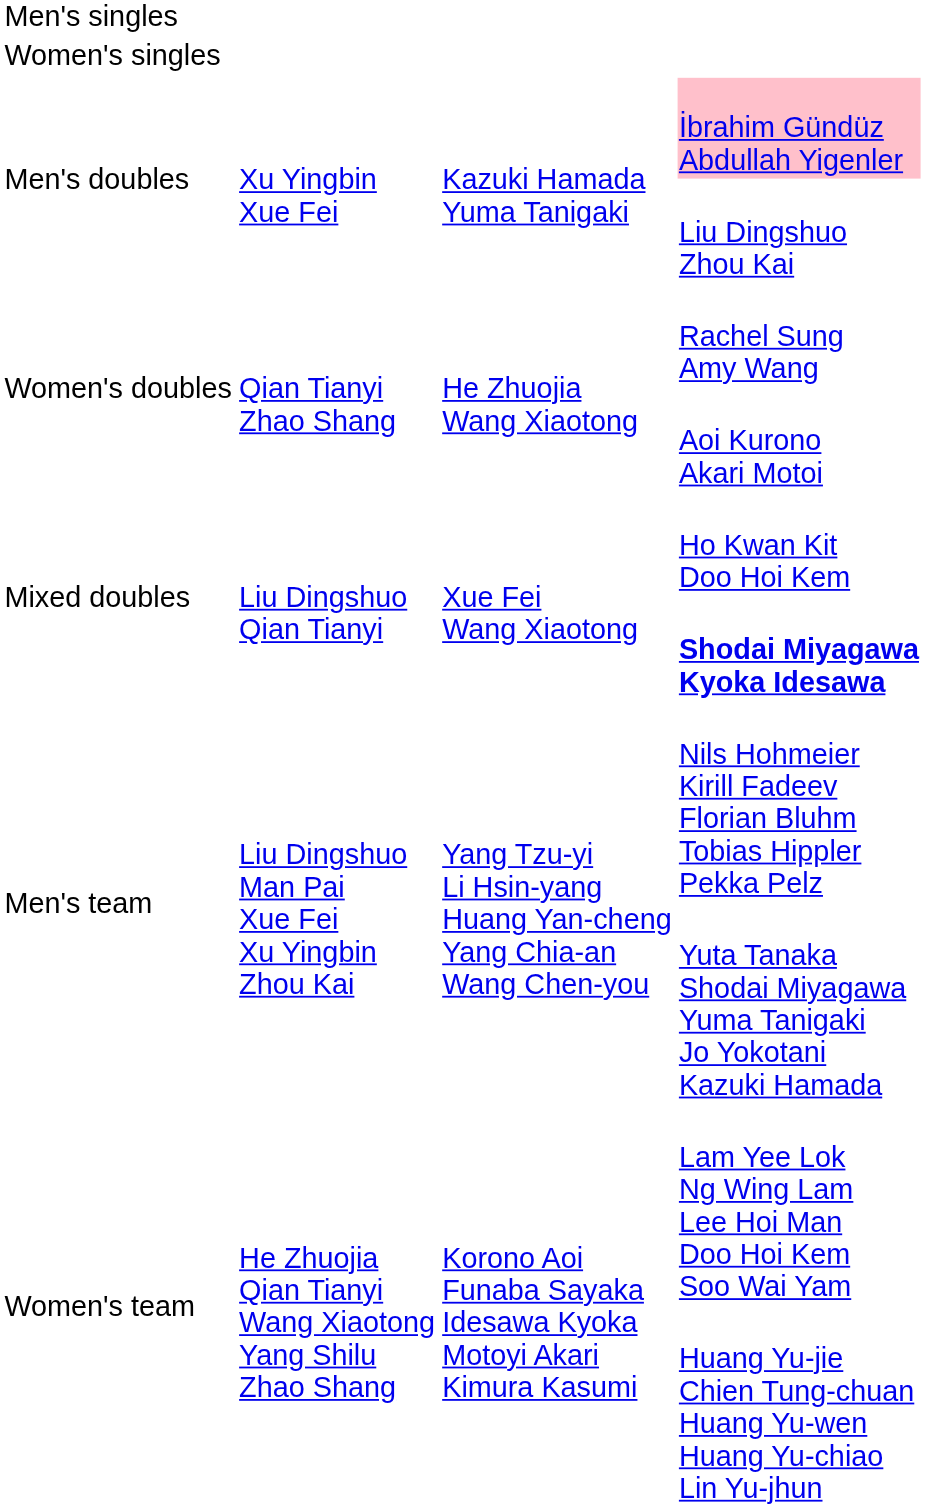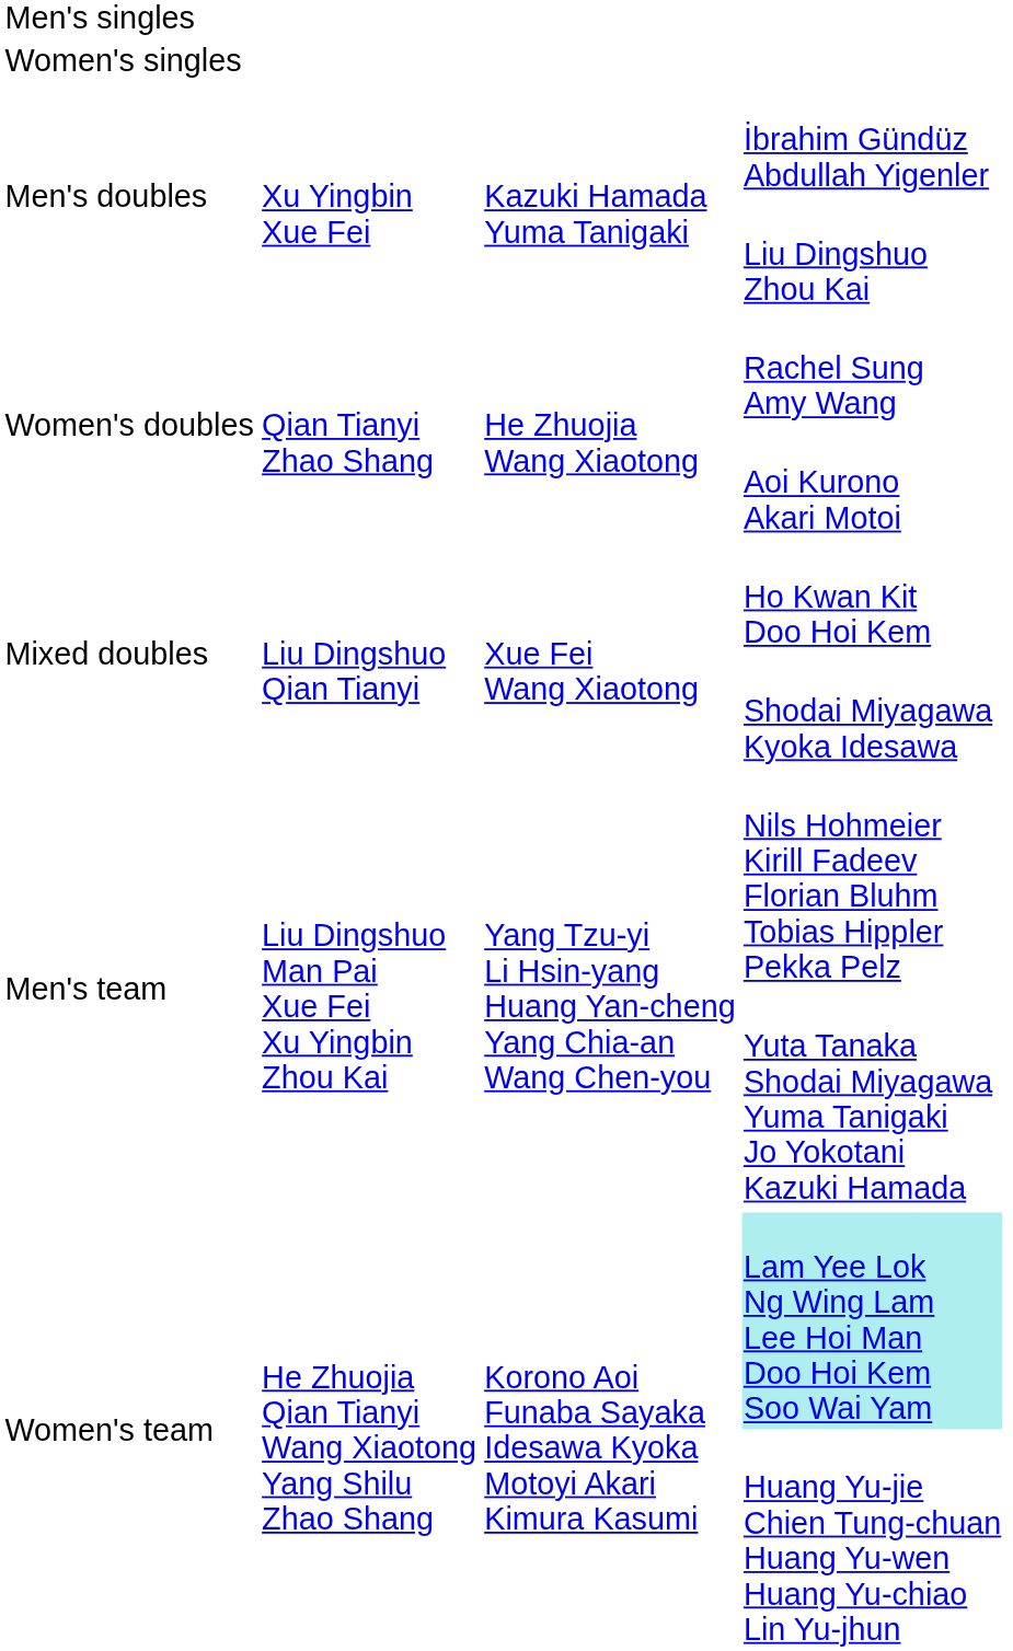 <table>
 <tr>
 <td rowspan=2>Men's singles<br></td>
 <td rowspan=2></td>
 <td rowspan=2></td>
 <td></td>
 </tr>
 <tr>
 <td></td>
 </tr>
 <tr>
 <td rowspan=2>Women's singles<br></td>
 <td rowspan=2></td>
 <td rowspan=2></td>
 <td></td>
 </tr>
 <tr>
 <td></td>
 </tr>
 <tr>
 <td rowspan=2>Men's doubles<br></td>
 <td rowspan=2><br><a href='#'>Xu Yingbin</a><br><a href='#'>Xue Fei</a></td>
 <td rowspan=2><br><a href='#'>Kazuki Hamada</a><br><a href='#'>Yuma Tanigaki</a></td>
-<td style="background: pink;"><br><a href='#'>İbrahim Gündüz</a><br><a href='#'>Abdullah Yigenler</a></td>
+<td><br><a href='#'>İbrahim Gündüz</a><br><a href='#'>Abdullah Yigenler</a></td>
 </tr>
 <tr>
 <td><br><a href='#'>Liu Dingshuo</a><br><a href='#'>Zhou Kai</a></td>
 </tr>
 <tr>
 <td rowspan=2>Women's doubles<br></td>
 <td rowspan=2><br><a href='#'>Qian Tianyi</a><br><a href='#'>Zhao Shang</a></td>
 <td rowspan=2><br><a href='#'>He Zhuojia</a><br><a href='#'>Wang Xiaotong</a></td>
 <td><br><a href='#'>Rachel Sung</a><br><a href='#'>Amy Wang</a></td>
 </tr>
 <tr>
 <td><br><a href='#'>Aoi Kurono</a><br><a href='#'>Akari Motoi</a></td>
 </tr>
 <tr>
 <td rowspan=2>Mixed doubles<br></td>
 <td rowspan=2><br><a href='#'>Liu Dingshuo</a><br><a href='#'>Qian Tianyi</a></td>
 <td rowspan=2><br><a href='#'>Xue Fei</a><br><a href='#'>Wang Xiaotong</a></td>
 <td><br><a href='#'>Ho Kwan Kit</a><br><a href='#'>Doo Hoi Kem</a></td>
 </tr>
 <tr>
-<td><strong><br><a href='#'>Shodai Miyagawa</a><br><a href='#'>Kyoka Idesawa</a></strong></td>
+<td><br><a href='#'>Shodai Miyagawa</a><br><a href='#'>Kyoka Idesawa</a></td>
 </tr>
 <tr>
 <td rowspan=2>Men's team<br></td>
 <td rowspan=2><br><a href='#'>Liu Dingshuo</a><br><a href='#'>Man Pai</a><br><a href='#'>Xue Fei</a><br><a href='#'>Xu Yingbin</a><br><a href='#'>Zhou Kai</a></td>
 <td rowspan=2><br><a href='#'>Yang Tzu-yi</a><br><a href='#'>Li Hsin-yang</a><br><a href='#'>Huang Yan-cheng</a><br><a href='#'>Yang Chia-an</a><br><a href='#'>Wang Chen-you</a></td>
 <td><br><a href='#'>Nils Hohmeier</a><br><a href='#'>Kirill Fadeev</a><br><a href='#'>Florian Bluhm</a><br><a href='#'>Tobias Hippler</a><br><a href='#'>Pekka Pelz</a></td>
 </tr>
 <tr>
 <td><br><a href='#'>Yuta Tanaka</a><br><a href='#'>Shodai Miyagawa</a><br><a href='#'>Yuma Tanigaki</a><br><a href='#'>Jo Yokotani</a><br><a href='#'>Kazuki Hamada</a></td>
 </tr>
 <tr>
 <td rowspan=2>Women's team<br></td>
 <td rowspan=2><br><a href='#'>He Zhuojia</a><br><a href='#'>Qian Tianyi</a><br><a href='#'>Wang Xiaotong</a><br><a href='#'>Yang Shilu</a><br><a href='#'>Zhao Shang</a></td>
 <td rowspan=2><br><a href='#'>Korono Aoi</a><br><a href='#'>Funaba Sayaka</a><br><a href='#'>Idesawa Kyoka</a><br><a href='#'>Motoyi Akari</a><br><a href='#'>Kimura Kasumi</a></td>
-<td><br><a href='#'>Lam Yee Lok</a><br><a href='#'>Ng Wing Lam</a><br><a href='#'>Lee Hoi Man</a><br><a href='#'>Doo Hoi Kem</a><br><a href='#'>Soo Wai Yam</a></td>
+<td style="background: paleturquoise;"><br><a href='#'>Lam Yee Lok</a><br><a href='#'>Ng Wing Lam</a><br><a href='#'>Lee Hoi Man</a><br><a href='#'>Doo Hoi Kem</a><br><a href='#'>Soo Wai Yam</a></td>
 </tr>
 <tr>
 <td><br><a href='#'>Huang Yu-jie</a><br><a href='#'>Chien Tung-chuan</a><br><a href='#'>Huang Yu-wen</a><br><a href='#'>Huang Yu-chiao</a><br><a href='#'>Lin Yu-jhun</a></td>
 </tr>
 </table>
